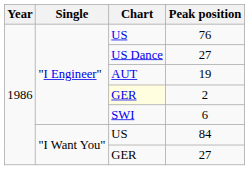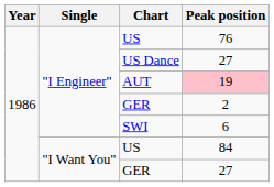 <table class="wikitable">
 <tr>
 <th>Year</th>
 <th>Single</th>
 <th>Chart</th>
 <th>Peak position</th>
 </tr>
 <tr>
 <td rowspan="7">1986</td>
 <td rowspan="5">"<a href='#'>I Engineer</a>"</td>
 <td><a href='#'>US</a></td>
 <td align="center">76</td>
 </tr>
 <tr>
 <td><a href='#'>US Dance</a></td>
 <td align="center">27</td>
 </tr>
 <tr>
 <td><a href='#'>AUT</a></td>
-<td align="center">19</td>
+<td align="center" style="background: pink;">19</td>
 </tr>
 <tr>
-<td style="background: lightyellow;"><a href='#'>GER</a></td>
+<td><a href='#'>GER</a></td>
 <td align="center">2</td>
 </tr>
 <tr>
 <td><a href='#'>SWI</a></td>
 <td align="center">6</td>
 </tr>
 <tr>
 <td rowspan="2">"I Want You"</td>
 <td>US</td>
 <td align="center">84</td>
 </tr>
 <tr>
 <td>GER</td>
 <td align="center">27</td>
 </tr>
 </table>
